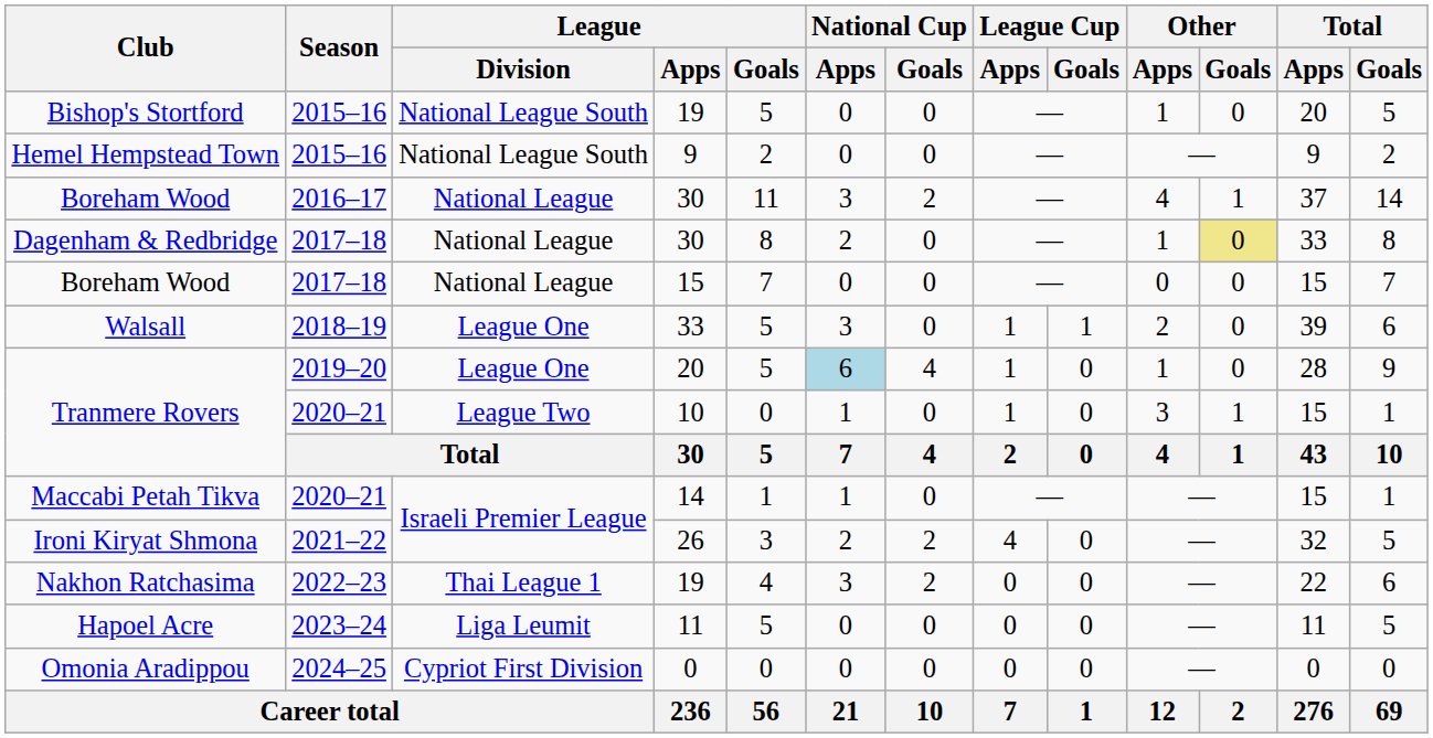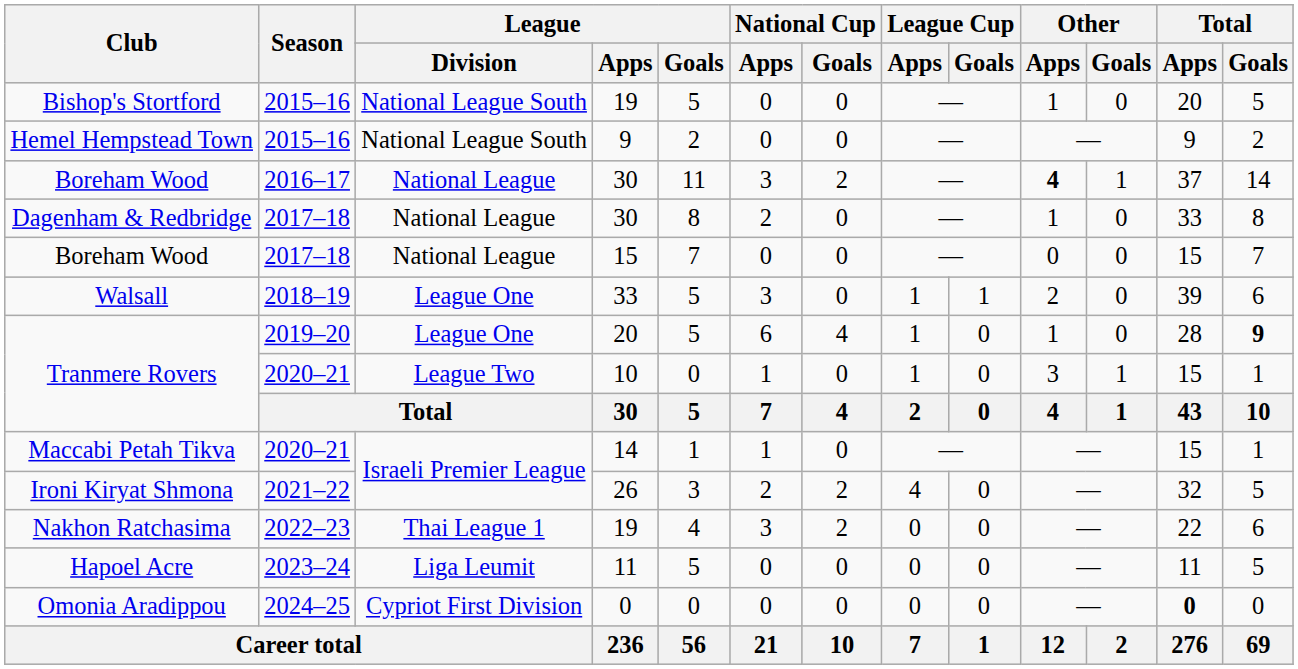 <table class="wikitable" style="text-align: center">
 <tr>
 <th rowspan="2">Club</th>
 <th rowspan="2">Season</th>
 <th colspan="3">League</th>
 <th colspan="2">National Cup</th>
 <th colspan="2">League Cup</th>
 <th colspan="2">Other</th>
 <th colspan="2">Total</th>
 </tr>
 <tr>
 <th>Division</th>
 <th>Apps</th>
 <th>Goals</th>
 <th>Apps</th>
 <th>Goals</th>
 <th>Apps</th>
 <th>Goals</th>
 <th>Apps</th>
 <th>Goals</th>
 <th>Apps</th>
 <th>Goals</th>
 </tr>
 <tr>
 <td><a href='#'>Bishop's Stortford</a></td>
 <td><a href='#'>2015–16</a></td>
 <td><a href='#'>National League South</a></td>
 <td>19</td>
 <td>5</td>
 <td>0</td>
 <td>0</td>
 <td colspan="2">—</td>
 <td>1</td>
 <td>0</td>
 <td>20</td>
 <td>5</td>
 </tr>
 <tr>
 <td><a href='#'>Hemel Hempstead Town</a></td>
 <td><a href='#'>2015–16</a></td>
 <td>National League South</td>
 <td>9</td>
 <td>2</td>
 <td>0</td>
 <td>0</td>
 <td colspan="2">—</td>
 <td colspan="2">—</td>
 <td>9</td>
 <td>2</td>
 </tr>
 <tr>
 <td><a href='#'>Boreham Wood</a></td>
 <td><a href='#'>2016–17</a></td>
 <td><a href='#'>National League</a></td>
 <td>30</td>
 <td>11</td>
 <td>3</td>
 <td>2</td>
 <td colspan="2">—</td>
-<td>4</td>
+<td><strong>4</strong></td>
 <td>1</td>
 <td>37</td>
 <td>14</td>
 </tr>
 <tr>
 <td><a href='#'>Dagenham & Redbridge</a></td>
 <td><a href='#'>2017–18</a></td>
 <td>National League</td>
 <td>30</td>
 <td>8</td>
 <td>2</td>
 <td>0</td>
 <td colspan="2">—</td>
 <td>1</td>
-<td style="background: khaki;">0</td>
+<td>0</td>
 <td>33</td>
 <td>8</td>
 </tr>
 <tr>
 <td>Boreham Wood</td>
 <td><a href='#'>2017–18</a></td>
 <td>National League</td>
 <td>15</td>
 <td>7</td>
 <td>0</td>
 <td>0</td>
 <td colspan="2">—</td>
 <td>0</td>
 <td>0</td>
 <td>15</td>
 <td>7</td>
 </tr>
 <tr>
 <td><a href='#'>Walsall</a></td>
 <td><a href='#'>2018–19</a></td>
 <td><a href='#'>League One</a></td>
 <td>33</td>
 <td>5</td>
 <td>3</td>
 <td>0</td>
 <td>1</td>
 <td>1</td>
 <td>2</td>
 <td>0</td>
 <td>39</td>
 <td>6</td>
 </tr>
 <tr>
 <td rowspan=3><a href='#'>Tranmere Rovers</a></td>
 <td><a href='#'>2019–20</a></td>
 <td><a href='#'>League One</a></td>
 <td>20</td>
 <td>5</td>
-<td style="background: lightblue;">6</td>
+<td>6</td>
 <td>4</td>
 <td>1</td>
 <td>0</td>
 <td>1</td>
 <td>0</td>
 <td>28</td>
-<td>9</td>
+<td><strong>9</strong></td>
 </tr>
 <tr>
 <td><a href='#'>2020–21</a></td>
 <td><a href='#'>League Two</a></td>
 <td>10</td>
 <td>0</td>
 <td>1</td>
 <td>0</td>
 <td>1</td>
 <td>0</td>
 <td>3</td>
 <td>1</td>
 <td>15</td>
 <td>1</td>
 </tr>
 <tr>
 <th colspan="2">Total</th>
 <th>30</th>
 <th>5</th>
 <th>7</th>
 <th>4</th>
 <th>2</th>
 <th>0</th>
 <th>4</th>
 <th>1</th>
 <th>43</th>
 <th>10</th>
 </tr>
 <tr>
 <td><a href='#'>Maccabi Petah Tikva</a></td>
 <td><a href='#'>2020–21</a></td>
 <td rowspan="2"><a href='#'>Israeli Premier League</a></td>
 <td>14</td>
 <td>1</td>
 <td>1</td>
 <td>0</td>
 <td colspan="2">—</td>
 <td colspan="2">—</td>
 <td>15</td>
 <td>1</td>
 </tr>
 <tr>
 <td><a href='#'>Ironi Kiryat Shmona</a></td>
 <td><a href='#'>2021–22</a></td>
 <td>26</td>
 <td>3</td>
 <td>2</td>
 <td>2</td>
 <td>4</td>
 <td>0</td>
 <td colspan="2">—</td>
 <td>32</td>
 <td>5</td>
 </tr>
 <tr>
 <td><a href='#'>Nakhon Ratchasima</a></td>
 <td><a href='#'>2022–23</a></td>
 <td><a href='#'>Thai League 1</a></td>
 <td>19</td>
 <td>4</td>
 <td>3</td>
 <td>2</td>
 <td>0</td>
 <td>0</td>
 <td colspan="2">—</td>
 <td>22</td>
 <td>6</td>
 </tr>
 <tr>
 <td><a href='#'>Hapoel Acre</a></td>
 <td><a href='#'>2023–24</a></td>
 <td><a href='#'>Liga Leumit</a></td>
 <td>11</td>
 <td>5</td>
 <td>0</td>
 <td>0</td>
 <td>0</td>
 <td>0</td>
 <td colspan="2">—</td>
 <td>11</td>
 <td>5</td>
 </tr>
 <tr>
 <td><a href='#'>Omonia Aradippou</a></td>
 <td><a href='#'>2024–25</a></td>
 <td><a href='#'>Cypriot First Division</a></td>
 <td>0</td>
 <td>0</td>
 <td>0</td>
 <td>0</td>
 <td>0</td>
 <td>0</td>
 <td colspan="2">—</td>
-<td>0</td>
+<td><strong>0</strong></td>
 <td>0</td>
 </tr>
 <tr>
 <th colspan="3">Career total</th>
 <th>236</th>
 <th>56</th>
 <th>21</th>
 <th>10</th>
 <th>7</th>
 <th>1</th>
 <th>12</th>
 <th>2</th>
 <th>276</th>
 <th>69</th>
 </tr>
 </table>
